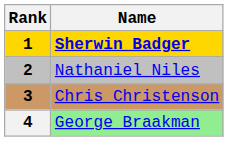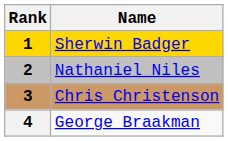 <table class="wikitable">
 <tr>
 <th>Rank</th>
 <th>Name</th>
 </tr>
 <tr bgcolor="gold">
 <td align="center"><strong>1</strong></td>
-<td><strong><a href='#'>Sherwin Badger</a></strong></td>
+<td><a href='#'>Sherwin Badger</a></td>
 </tr>
 <tr bgcolor="silver">
 <td align="center"><strong>2</strong></td>
 <td><a href='#'>Nathaniel Niles</a></td>
 </tr>
 <tr bgcolor="cc9966">
 <td align="center"><strong>3</strong></td>
 <td><a href='#'>Chris Christenson</a></td>
 </tr>
 <tr>
 <th>4</th>
-<td style="background: lightgreen;"><a href='#'>George Braakman</a></td>
+<td><a href='#'>George Braakman</a></td>
 </tr>
 </table>
